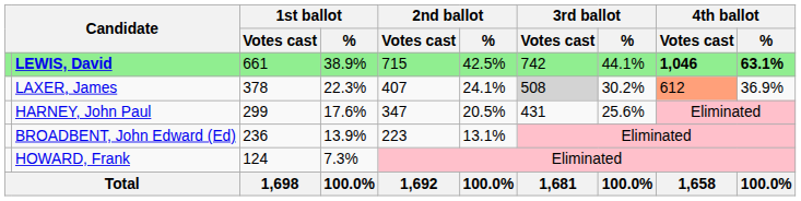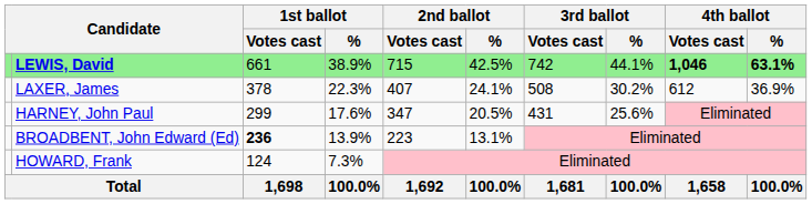 <table class="wikitable">
 <tr>
 <th rowspan="2" colspan="2">Candidate</th>
 <th colspan="2">1st ballot</th>
 <th colspan="2">2nd ballot</th>
 <th colspan="2">3rd ballot</th>
 <th colspan="2">4th ballot</th>
 </tr>
 <tr>
 <th>Votes cast</th>
 <th>%</th>
 <th>Votes cast</th>
 <th>%</th>
 <th>Votes cast</th>
 <th>%</th>
 <th>Votes cast</th>
 <th>%</th>
 </tr>
 <tr style="background:lightgreen;">
 <td></td>
 <td><strong><a href='#'>LEWIS, David</a></strong></td>
 <td>661</td>
 <td>38.9%</td>
 <td>715</td>
 <td>42.5%</td>
 <td>742</td>
 <td>44.1%</td>
 <td><strong>1,046</strong></td>
 <td><strong>63.1%</strong></td>
 </tr>
 <tr>
 <td></td>
 <td><a href='#'>LAXER, James</a></td>
 <td>378</td>
 <td>22.3%</td>
 <td>407</td>
 <td>24.1%</td>
-<td style="background: lightgrey;">508</td>
+<td>508</td>
 <td>30.2%</td>
-<td style="background: lightsalmon;">612</td>
+<td>612</td>
 <td>36.9%</td>
 </tr>
 <tr>
 <td></td>
 <td><a href='#'>HARNEY, John Paul</a></td>
 <td>299</td>
 <td>17.6%</td>
 <td>347</td>
 <td>20.5%</td>
 <td>431</td>
 <td>25.6%</td>
 <td style="text-align:center; background:pink;" colspan="2">Eliminated</td>
 </tr>
 <tr>
 <td></td>
 <td><a href='#'>BROADBENT, John Edward (Ed)</a></td>
-<td>236</td>
+<td><strong>236</strong></td>
 <td>13.9%</td>
 <td>223</td>
 <td>13.1%</td>
 <td style="text-align:center; background:pink;" colspan="4">Eliminated</td>
 </tr>
 <tr>
 <td></td>
 <td><a href='#'>HOWARD, Frank</a></td>
 <td>124</td>
 <td>7.3%</td>
 <td style="text-align:center; background:pink;" colspan="6">Eliminated</td>
 </tr>
 <tr>
 <th colspan="2">Total</th>
 <th>1,698</th>
 <th>100.0%</th>
 <th>1,692</th>
 <th>100.0%</th>
 <th>1,681</th>
 <th>100.0%</th>
 <th>1,658</th>
 <th>100.0%</th>
 </tr>
 </table>
